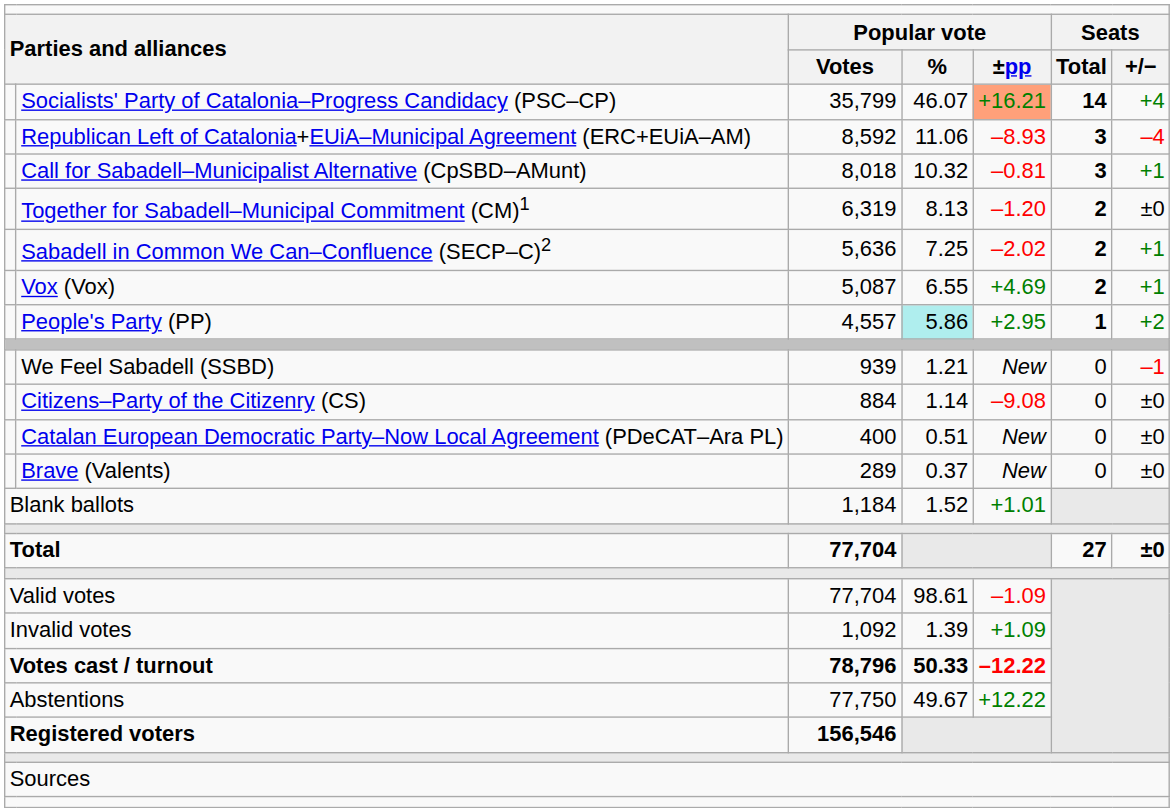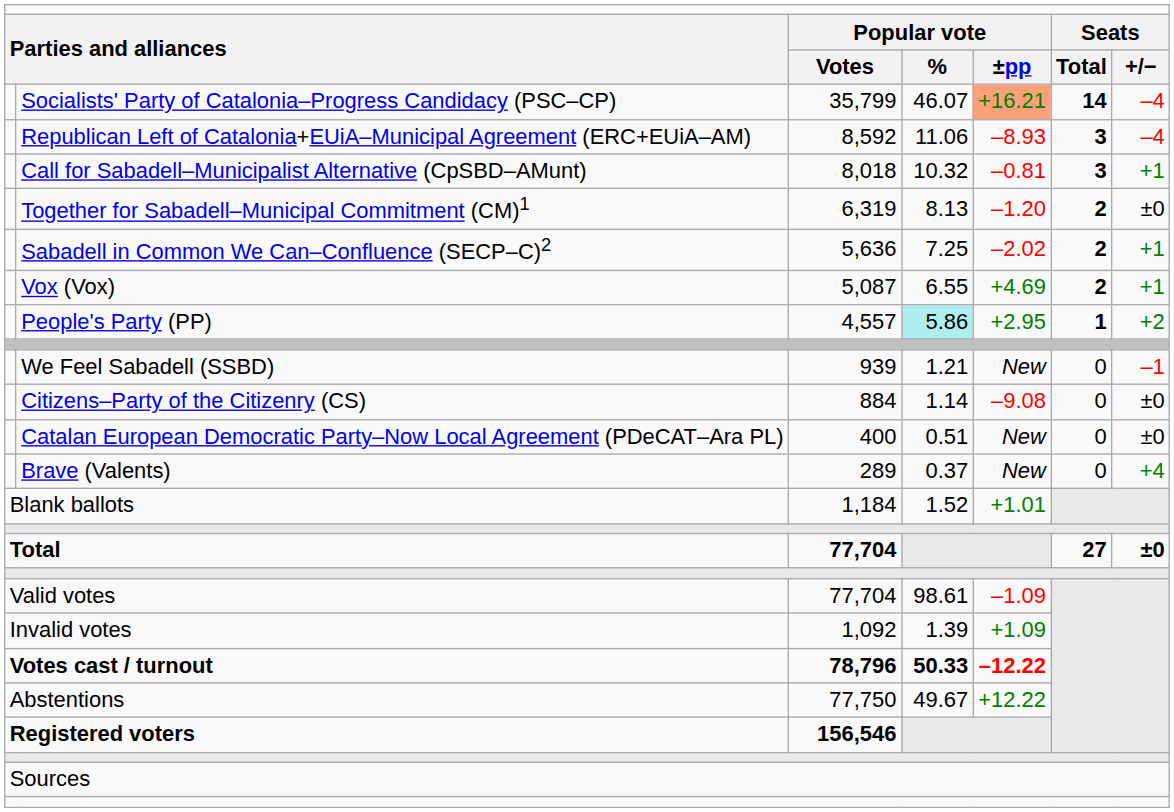 <table class="wikitable" style="text-align:right;">
 <tr>
 <td colspan="7"></td>
 </tr>
 <tr>
 <th style="text-align:left;" rowspan="2" colspan="2" width="525">Parties and alliances</th>
 <th colspan="3">Popular vote</th>
 <th colspan="2">Seats</th>
 </tr>
 <tr>
 <th width="75">Votes</th>
 <th width="45">%</th>
 <th width="45">±<a href='#'>pp</a></th>
 <th width="35">Total</th>
 <th width="35">+/−</th>
 </tr>
 <tr>
 <td width="1" style="color:inherit;background:"></td>
 <td align="left"><a href='#'>Socialists' Party of Catalonia–Progress Candidacy</a> (PSC–CP)</td>
 <td>35,799</td>
 <td>46.07</td>
 <td style="background: lightsalmon; color:green;">+16.21</td>
 <td><strong>14</strong></td>
-<td style="color:green;">+4</td>
+<td style="color:red;">–4</td>
 </tr>
 <tr>
 <td style="color:inherit;background:"></td>
 <td align="left"><a href='#'>Republican Left of Catalonia</a>+<a href='#'>EUiA–Municipal Agreement</a> (ERC+EUiA–AM)</td>
 <td>8,592</td>
 <td>11.06</td>
 <td style="color:red;">–8.93</td>
 <td><strong>3</strong></td>
 <td style="color:red;">–4</td>
 </tr>
 <tr>
 <td style="color:inherit;background:"></td>
 <td align="left"><a href='#'>Call for Sabadell–Municipalist Alternative</a> (CpSBD–AMunt)</td>
 <td>8,018</td>
 <td>10.32</td>
 <td style="color:red;">–0.81</td>
 <td><strong>3</strong></td>
 <td style="color:green;">+1</td>
 </tr>
 <tr>
 <td style="color:inherit;background:"></td>
 <td align="left"><a href='#'>Together for Sabadell–Municipal Commitment</a> (CM)<sup>1</sup></td>
 <td>6,319</td>
 <td>8.13</td>
 <td style="color:red;">–1.20</td>
 <td><strong>2</strong></td>
 <td>±0</td>
 </tr>
 <tr>
 <td style="color:inherit;background:"></td>
 <td align="left"><a href='#'>Sabadell in Common We Can–Confluence</a> (SECP–C)<sup>2</sup></td>
 <td>5,636</td>
 <td>7.25</td>
 <td style="color:red;">–2.02</td>
 <td><strong>2</strong></td>
 <td style="color:green;">+1</td>
 </tr>
 <tr>
 <td style="color:inherit;background:"></td>
 <td align="left"><a href='#'>Vox</a> (Vox)</td>
 <td>5,087</td>
 <td>6.55</td>
 <td style="color:green;">+4.69</td>
 <td><strong>2</strong></td>
 <td style="color:green;">+1</td>
 </tr>
 <tr>
 <td style="color:inherit;background:"></td>
 <td align="left"><a href='#'>People's Party</a> (PP)</td>
 <td>4,557</td>
 <td style="background: paleturquoise;">5.86</td>
 <td style="color:green;">+2.95</td>
 <td><strong>1</strong></td>
 <td style="color:green;">+2</td>
 </tr>
 <tr>
 <td colspan="7" bgcolor="#C0C0C0"></td>
 </tr>
 <tr>
 <td style="color:inherit;background:"></td>
 <td align="left">We Feel Sabadell (SSBD)</td>
 <td>939</td>
 <td>1.21</td>
 <td><em>New</em></td>
 <td>0</td>
 <td style="color:red;">–1</td>
 </tr>
 <tr>
 <td style="color:inherit;background:"></td>
 <td align="left"><a href='#'>Citizens–Party of the Citizenry</a> (CS)</td>
 <td>884</td>
 <td>1.14</td>
 <td style="color:red;">–9.08</td>
 <td>0</td>
 <td>±0</td>
 </tr>
 <tr>
 <td style="color:inherit;background:"></td>
 <td align="left"><a href='#'>Catalan European Democratic Party–Now Local Agreement</a> (PDeCAT–Ara PL)</td>
 <td>400</td>
 <td>0.51</td>
 <td><em>New</em></td>
 <td>0</td>
 <td>±0</td>
 </tr>
 <tr>
 <td style="color:inherit;background:"></td>
 <td align="left"><a href='#'>Brave</a> (Valents)</td>
 <td>289</td>
 <td>0.37</td>
 <td><em>New</em></td>
 <td>0</td>
-<td>±0</td>
+<td style="color:green;">+4</td>
 </tr>
 <tr>
 <td align="left" colspan="2">Blank ballots</td>
 <td>1,184</td>
 <td>1.52</td>
 <td style="color:green;">+1.01</td>
 <td bgcolor="#E9E9E9" colspan="2"></td>
 </tr>
 <tr>
 <td colspan="7" bgcolor="#E9E9E9"></td>
 </tr>
 <tr style="font-weight:bold;">
 <td align="left" colspan="2">Total</td>
 <td>77,704</td>
 <td bgcolor="#E9E9E9" colspan="2"></td>
 <td>27</td>
 <td>±0</td>
 </tr>
 <tr>
 <td colspan="7" bgcolor="#E9E9E9"></td>
 </tr>
 <tr>
 <td align="left" colspan="2">Valid votes</td>
 <td>77,704</td>
 <td>98.61</td>
 <td style="color:red;">–1.09</td>
 <td bgcolor="#E9E9E9" colspan="2" rowspan="5"></td>
 </tr>
 <tr>
 <td align="left" colspan="2">Invalid votes</td>
 <td>1,092</td>
 <td>1.39</td>
 <td style="color:green;">+1.09</td>
 </tr>
 <tr style="font-weight:bold;">
 <td align="left" colspan="2">Votes cast / turnout</td>
 <td>78,796</td>
 <td>50.33</td>
 <td style="color:red;">–12.22</td>
 </tr>
 <tr>
 <td align="left" colspan="2">Abstentions</td>
 <td>77,750</td>
 <td>49.67</td>
 <td style="color:green;">+12.22</td>
 </tr>
 <tr style="font-weight:bold;">
 <td align="left" colspan="2">Registered voters</td>
 <td>156,546</td>
 <td bgcolor="#E9E9E9" colspan="2"></td>
 </tr>
 <tr>
 <td colspan="7" bgcolor="#E9E9E9"></td>
 </tr>
 <tr>
 <td align="left" colspan="7">Sources</td>
 </tr>
 <tr>
 <td colspan="7" style="text-align:left; max-width:790px;"></td>
 </tr>
 </table>
